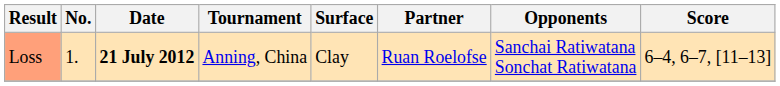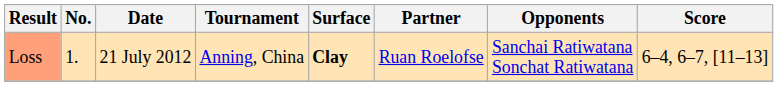 <table class="sortable wikitable">
 <tr>
 <th>Result</th>
 <th>No.</th>
 <th>Date</th>
 <th>Tournament</th>
 <th>Surface</th>
 <th>Partner</th>
 <th>Opponents</th>
 <th>Score</th>
 </tr>
 <tr style="background:moccasin;">
 <td style="background:#ffa07a;">Loss</td>
 <td>1.</td>
-<td><strong>21 July 2012</strong></td>
+<td>21 July 2012</td>
 <td><a href='#'>Anning</a>, China</td>
-<td>Clay</td>
+<td><strong>Clay</strong></td>
 <td> <a href='#'>Ruan Roelofse</a></td>
 <td> <a href='#'>Sanchai Ratiwatana</a> <br>  <a href='#'>Sonchat Ratiwatana</a></td>
 <td>6–4, 6–7, [11–13]</td>
 </tr>
 <tr>
 </tr>
 </table>
